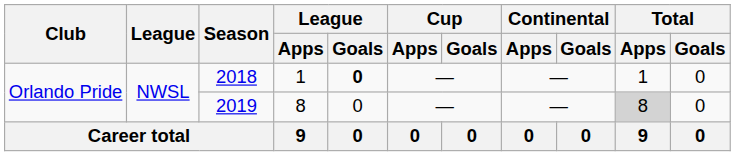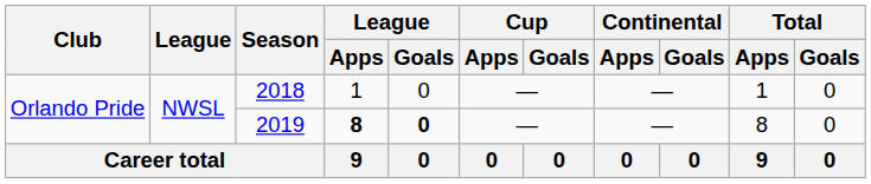 <table class="wikitable" style="text-align: center;">
 <tr>
 <th rowspan="2">Club</th>
 <th rowspan="2">League</th>
 <th rowspan="2">Season</th>
 <th colspan="2">League</th>
 <th colspan="2">Cup</th>
 <th colspan="2">Continental</th>
 <th colspan="2">Total</th>
 </tr>
 <tr>
 <th>Apps</th>
 <th>Goals</th>
 <th>Apps</th>
 <th>Goals</th>
 <th>Apps</th>
 <th>Goals</th>
 <th>Apps</th>
 <th>Goals</th>
 </tr>
 <tr>
 <td rowspan="2"><a href='#'>Orlando Pride</a></td>
 <td rowspan="2"><a href='#'>NWSL</a></td>
 <td><a href='#'>2018</a></td>
 <td>1</td>
-<td><strong>0</strong></td>
+<td>0</td>
 <td colspan="2">—</td>
 <td colspan="2">—</td>
 <td>1</td>
 <td>0</td>
 </tr>
 <tr>
 <td><a href='#'>2019</a></td>
-<td>8</td>
-<td>0</td>
+<td><strong>8</strong></td>
+<td><strong>0</strong></td>
 <td colspan="2">—</td>
 <td colspan="2">—</td>
-<td style="background: lightgrey;">8</td>
+<td>8</td>
 <td>0</td>
 </tr>
 <tr>
 <th colspan="3">Career total</th>
 <th>9</th>
 <th>0</th>
 <th>0</th>
 <th>0</th>
 <th>0</th>
 <th>0</th>
 <th>9</th>
 <th>0</th>
 </tr>
 </table>
